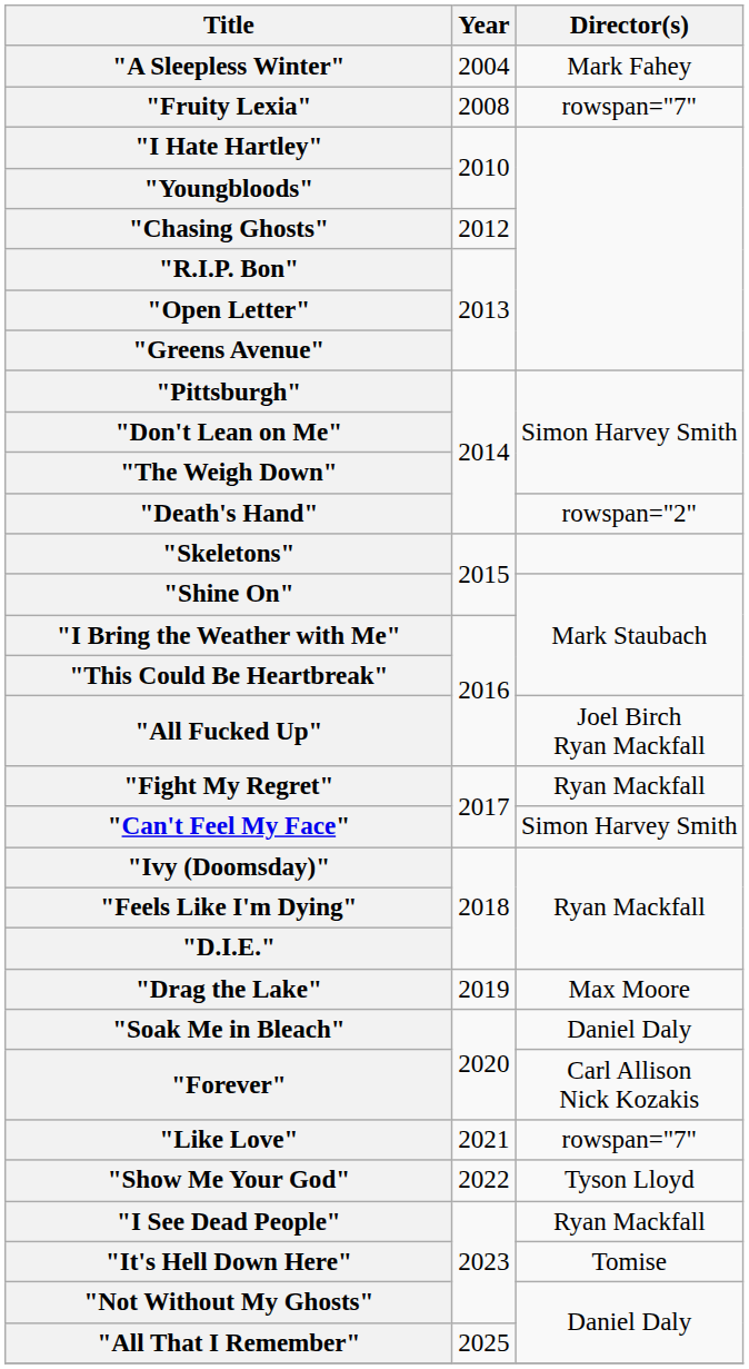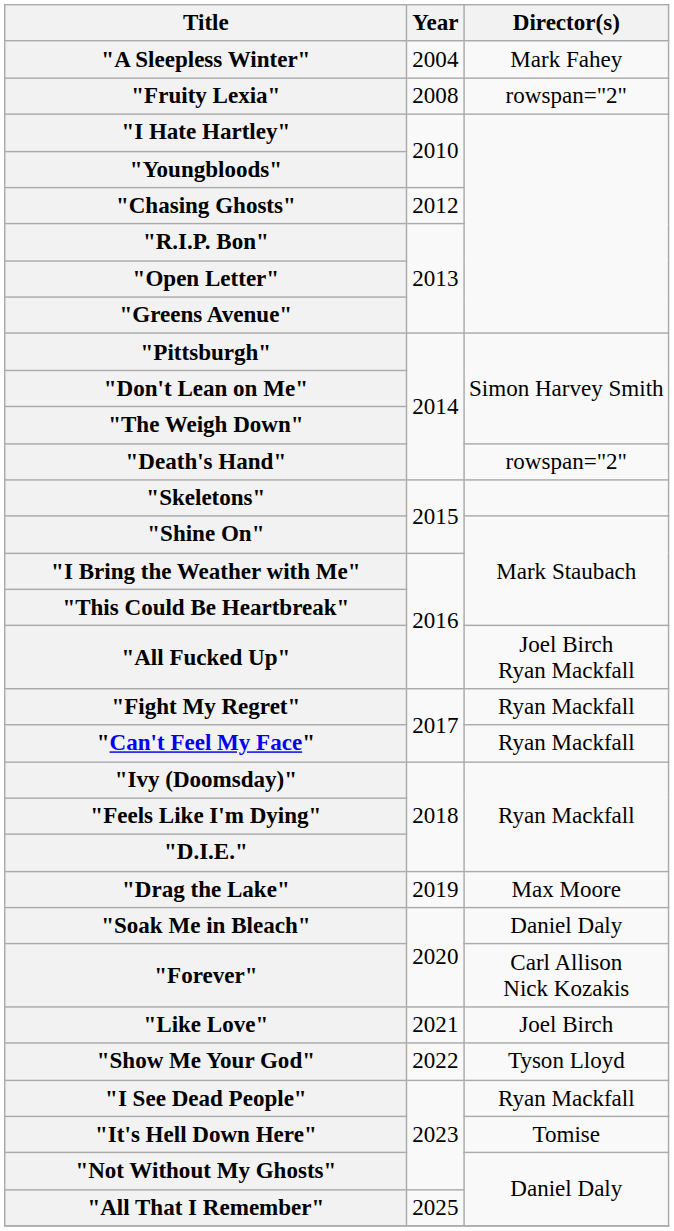 <table class="wikitable plainrowheaders" style="text-align:center;">
 <tr>
 <th scope="col" style="width:17em;">Title</th>
 <th scope="col">Year</th>
 <th scope="col">Director(s)</th>
 </tr>
 <tr>
 <th scope="row">"A Sleepless Winter"</th>
 <td>2004</td>
 <td>Mark Fahey</td>
 </tr>
 <tr>
 <th scope="row">"Fruity Lexia"</th>
 <td>2008</td>
-<td>rowspan="7" </td>
+<td>rowspan="2" </td>
 </tr>
 <tr>
 <th scope="row">"I Hate Hartley"</th>
 <td rowspan="2">2010</td>
 </tr>
 <tr>
 <th scope="row">"Youngbloods"</th>
 </tr>
 <tr>
 <th scope="row">"Chasing Ghosts"</th>
 <td>2012</td>
 </tr>
 <tr>
 <th scope="row">"R.I.P. Bon"</th>
 <td rowspan="3">2013</td>
 </tr>
 <tr>
 <th scope="row">"Open Letter"</th>
 </tr>
 <tr>
 <th scope="row">"Greens Avenue"</th>
 </tr>
 <tr>
 <th scope="row">"Pittsburgh"</th>
 <td rowspan="4">2014</td>
 <td rowspan="3">Simon Harvey Smith</td>
 </tr>
 <tr>
 <th scope="row">"Don't Lean on Me"</th>
 </tr>
 <tr>
 <th scope="row">"The Weigh Down"</th>
 </tr>
 <tr>
 <th scope="row">"Death's Hand"</th>
 <td>rowspan="2" </td>
 </tr>
 <tr>
 <th scope="row">"Skeletons"</th>
 <td rowspan="2">2015</td>
 </tr>
 <tr>
 <th scope="row">"Shine On"</th>
 <td rowspan="3">Mark Staubach</td>
 </tr>
 <tr>
 <th scope="row">"I Bring the Weather with Me"</th>
 <td rowspan="3">2016</td>
 </tr>
 <tr>
 <th scope="row">"This Could Be Heartbreak"</th>
 </tr>
 <tr>
 <th scope="row">"All Fucked Up"</th>
 <td>Joel Birch<br>Ryan Mackfall</td>
 </tr>
 <tr>
 <th scope="row">"Fight My Regret"</th>
 <td rowspan="2">2017</td>
 <td>Ryan Mackfall</td>
 </tr>
 <tr>
 <th scope="row">"<a href='#'>Can't Feel My Face</a>" </th>
-<td>Simon Harvey Smith</td>
+<td>Ryan Mackfall</td>
 </tr>
 <tr>
 <th scope="row">"Ivy (Doomsday)"</th>
 <td rowspan="3">2018</td>
 <td rowspan="3">Ryan Mackfall</td>
 </tr>
 <tr>
 <th scope="row">"Feels Like I'm Dying"</th>
 </tr>
 <tr>
 <th scope="row">"D.I.E."</th>
 </tr>
 <tr>
 <th scope="row">"Drag the Lake"</th>
 <td>2019</td>
 <td>Max Moore</td>
 </tr>
 <tr>
 <th scope="row">"Soak Me in Bleach"</th>
 <td rowspan="2">2020</td>
 <td>Daniel Daly</td>
 </tr>
 <tr>
 <th scope="row">"Forever"</th>
 <td>Carl Allison<br>Nick Kozakis</td>
 </tr>
 <tr>
 <th scope="row">"Like Love"</th>
 <td>2021</td>
-<td>rowspan="7" </td>
+<td>Joel Birch</td>
 </tr>
 <tr>
 <th scope="row">"Show Me Your God"</th>
 <td>2022</td>
 <td>Tyson Lloyd</td>
 </tr>
 <tr>
 <th scope="row">"I See Dead People"</th>
 <td rowspan="3">2023</td>
 <td>Ryan Mackfall</td>
 </tr>
 <tr>
 <th scope="row">"It's Hell Down Here"</th>
 <td>Tomise</td>
 </tr>
 <tr>
 <th scope="row">"Not Without My Ghosts"</th>
 <td rowspan="2">Daniel Daly</td>
 </tr>
 <tr>
 <th scope="row">"All That I Remember"</th>
 <td>2025</td>
 </tr>
 <tr>
 </tr>
 </table>
